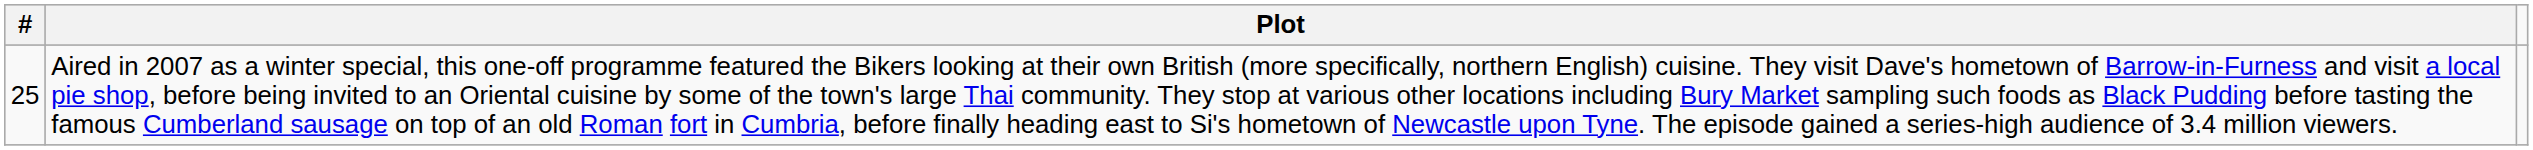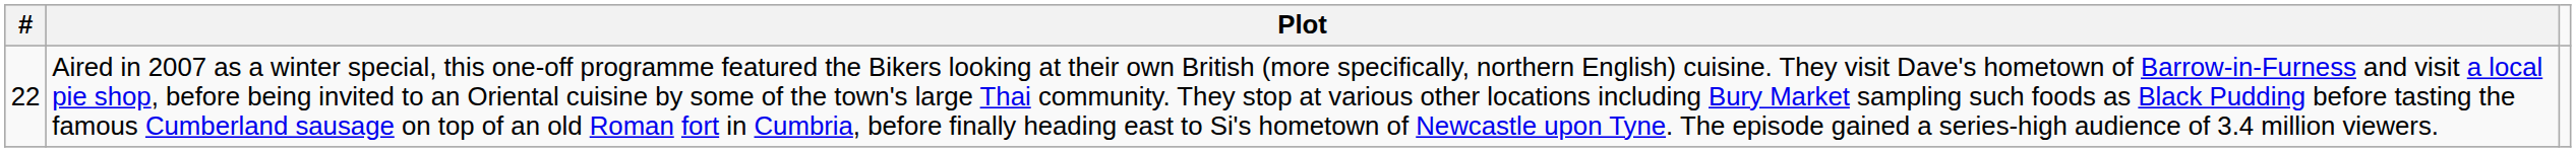 <table class="wikitable">
 <tr>
 <th>#</th>
 <th>Plot</th>
 </tr>
 <tr>
-<td>25</td>
+<td>22</td>
 <td>Aired in 2007 as a winter special, this one-off programme featured the Bikers looking at their own British (more specifically, northern English) cuisine. They visit Dave's hometown of <a href='#'>Barrow-in-Furness</a> and visit <a href='#'>a local pie shop</a>, before being invited to an Oriental cuisine by some of the town's large <a href='#'>Thai</a> community. They stop at various other locations including <a href='#'>Bury Market</a> sampling such foods as <a href='#'>Black Pudding</a> before tasting the famous <a href='#'>Cumberland sausage</a> on top of an old <a href='#'>Roman</a> <a href='#'>fort</a> in <a href='#'>Cumbria</a>, before finally heading east to Si's hometown of <a href='#'>Newcastle upon Tyne</a>. The episode gained a series-high audience of 3.4 million viewers.</td>
 <td></td>
 </tr>
 </table>
